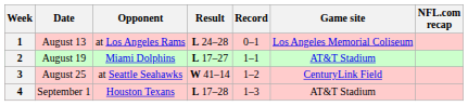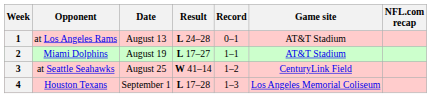 <table class="wikitable" style="text-align:center">
 <tr>
 <th>Week</th>
+<th>Opponent</th>
 <th>Date</th>
-<th>Opponent</th>
 <th>Result</th>
 <th>Record</th>
 <th>Game site</th>
 <th>NFL.com<br>recap</th>
 </tr>
 <tr style="background:#fcc">
 <th>1</th>
+<td>at <a href='#'>Los Angeles Rams</a></td>
 <td>August 13</td>
-<td>at <a href='#'>Los Angeles Rams</a></td>
 <td><strong>L</strong> 24–28</td>
 <td>0–1</td>
-<td><a href='#'>Los Angeles Memorial Coliseum</a></td>
+<td>AT&T Stadium</td>
 <td></td>
 </tr>
 <tr style="background:#cfc">
 <th>2</th>
+<td><a href='#'>Miami Dolphins</a></td>
 <td>August 19</td>
-<td><a href='#'>Miami Dolphins</a></td>
 <td><strong>L</strong> 17–27</td>
 <td>1–1</td>
 <td><a href='#'>AT&T Stadium</a></td>
 <td></td>
 </tr>
 <tr style="background:#fcc">
 <th>3</th>
+<td>at <a href='#'>Seattle Seahawks</a></td>
 <td>August 25</td>
-<td>at <a href='#'>Seattle Seahawks</a></td>
 <td><strong>W</strong> 41–14</td>
 <td>1–2</td>
 <td><a href='#'>CenturyLink Field</a></td>
 <td></td>
 </tr>
 <tr style="background:#fcc">
 <th>4</th>
+<td><a href='#'>Houston Texans</a></td>
 <td>September 1</td>
-<td><a href='#'>Houston Texans</a></td>
 <td><strong>L</strong> 17–28</td>
 <td>1–3</td>
-<td>AT&T Stadium</td>
+<td><a href='#'>Los Angeles Memorial Coliseum</a></td>
 <td></td>
 </tr>
 </table>
